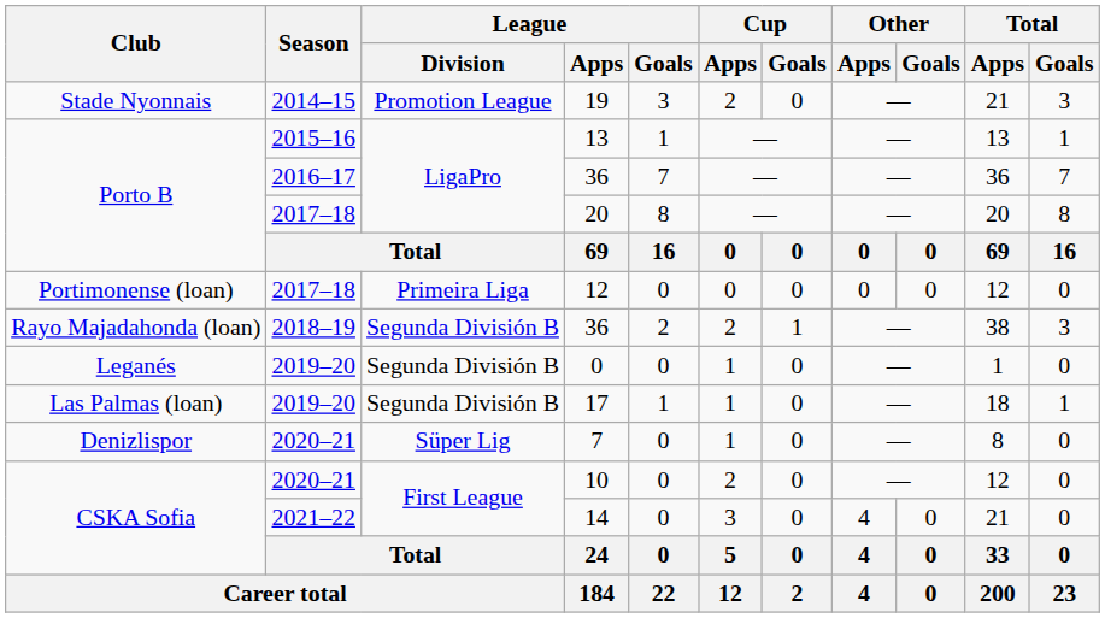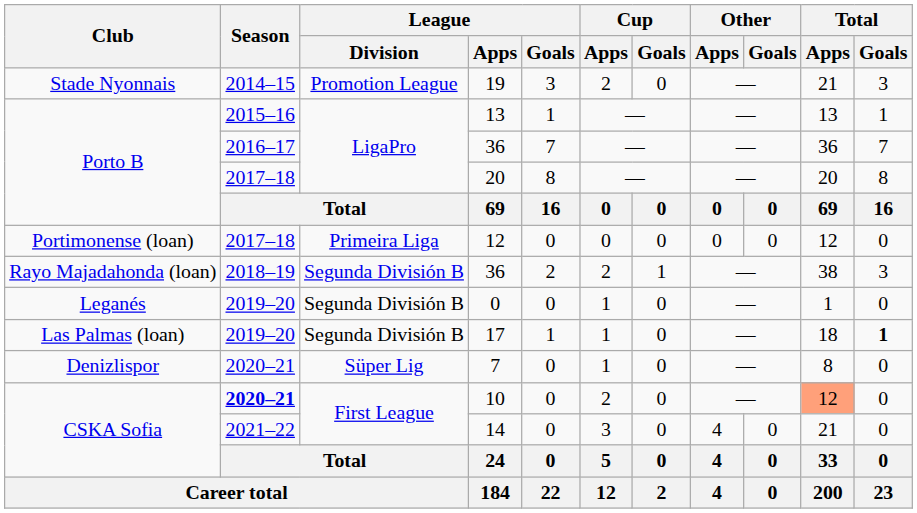 <table class="wikitable" style="text-align: center">
 <tr>
 <th rowspan="2">Club</th>
 <th rowspan="2">Season</th>
 <th colspan="3">League</th>
 <th colspan="2">Cup</th>
 <th colspan="2">Other</th>
 <th colspan="2">Total</th>
 </tr>
 <tr>
 <th>Division</th>
 <th>Apps</th>
 <th>Goals</th>
 <th>Apps</th>
 <th>Goals</th>
 <th>Apps</th>
 <th>Goals</th>
 <th>Apps</th>
 <th>Goals</th>
 </tr>
 <tr>
 <td><a href='#'>Stade Nyonnais</a></td>
 <td><a href='#'>2014–15</a></td>
 <td><a href='#'>Promotion League</a></td>
 <td>19</td>
 <td>3</td>
 <td>2</td>
 <td>0</td>
 <td colspan="2">—</td>
 <td>21</td>
 <td>3</td>
 </tr>
 <tr>
 <td rowspan="4"><a href='#'>Porto B</a></td>
 <td><a href='#'>2015–16</a></td>
 <td rowspan="3"><a href='#'>LigaPro</a></td>
 <td>13</td>
 <td>1</td>
 <td colspan="2">—</td>
 <td colspan="2">—</td>
 <td>13</td>
 <td>1</td>
 </tr>
 <tr>
 <td><a href='#'>2016–17</a></td>
 <td>36</td>
 <td>7</td>
 <td colspan="2">—</td>
 <td colspan="2">—</td>
 <td>36</td>
 <td>7</td>
 </tr>
 <tr>
 <td><a href='#'>2017–18</a></td>
 <td>20</td>
 <td>8</td>
 <td colspan="2">—</td>
 <td colspan="2">—</td>
 <td>20</td>
 <td>8</td>
 </tr>
 <tr>
 <th colspan="2">Total</th>
 <th>69</th>
 <th>16</th>
 <th>0</th>
 <th>0</th>
 <th>0</th>
 <th>0</th>
 <th>69</th>
 <th>16</th>
 </tr>
 <tr>
 <td><a href='#'>Portimonense</a> (loan)</td>
 <td><a href='#'>2017–18</a></td>
 <td><a href='#'>Primeira Liga</a></td>
 <td>12</td>
 <td>0</td>
 <td>0</td>
 <td>0</td>
 <td>0</td>
 <td>0</td>
 <td>12</td>
 <td>0</td>
 </tr>
 <tr>
 <td><a href='#'>Rayo Majadahonda</a> (loan)</td>
 <td><a href='#'>2018–19</a></td>
 <td><a href='#'>Segunda División B</a></td>
 <td>36</td>
 <td>2</td>
 <td>2</td>
 <td>1</td>
 <td colspan="2">—</td>
 <td>38</td>
 <td>3</td>
 </tr>
 <tr>
 <td><a href='#'>Leganés</a></td>
 <td><a href='#'>2019–20</a></td>
 <td>Segunda División B</td>
 <td>0</td>
 <td>0</td>
 <td>1</td>
 <td>0</td>
 <td colspan="2">—</td>
 <td>1</td>
 <td>0</td>
 </tr>
 <tr>
 <td><a href='#'>Las Palmas</a> (loan)</td>
 <td><a href='#'>2019–20</a></td>
 <td>Segunda División B</td>
 <td>17</td>
 <td>1</td>
 <td>1</td>
 <td>0</td>
 <td colspan="2">—</td>
 <td>18</td>
-<td>1</td>
+<td><strong>1</strong></td>
 </tr>
 <tr>
 <td><a href='#'>Denizlispor</a></td>
 <td><a href='#'>2020–21</a></td>
 <td><a href='#'>Süper Lig</a></td>
 <td>7</td>
 <td>0</td>
 <td>1</td>
 <td>0</td>
 <td colspan="2">—</td>
 <td>8</td>
 <td>0</td>
 </tr>
 <tr>
 <td rowspan=3><a href='#'>CSKA Sofia</a></td>
-<td><a href='#'>2020–21</a></td>
+<td><strong><a href='#'>2020–21</a></strong></td>
 <td rowspan=2><a href='#'>First League</a></td>
 <td>10</td>
 <td>0</td>
 <td>2</td>
 <td>0</td>
 <td colspan="2">—</td>
-<td>12</td>
+<td style="background: lightsalmon;">12</td>
 <td>0</td>
 </tr>
 <tr>
 <td><a href='#'>2021–22</a></td>
 <td>14</td>
 <td>0</td>
 <td>3</td>
 <td>0</td>
 <td>4</td>
 <td>0</td>
 <td>21</td>
 <td>0</td>
 </tr>
 <tr>
 <th colspan="2">Total</th>
 <th>24</th>
 <th>0</th>
 <th>5</th>
 <th>0</th>
 <th>4</th>
 <th>0</th>
 <th>33</th>
 <th>0</th>
 </tr>
 <tr>
 <th colspan="3">Career total</th>
 <th>184</th>
 <th>22</th>
 <th>12</th>
 <th>2</th>
 <th>4</th>
 <th>0</th>
 <th>200</th>
 <th>23</th>
 </tr>
 </table>
